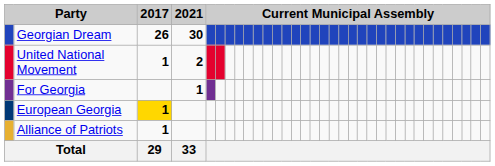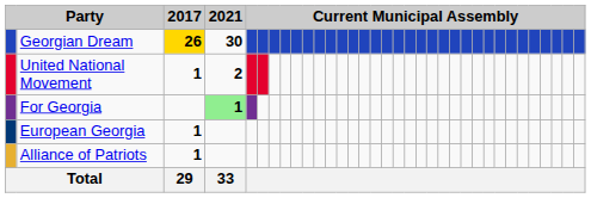 <table class="wikitable">
 <tr>
 <th style="background:#ccc" colspan="2">Party</th>
 <th style="background:#ccc">2017</th>
 <th style="background:#ccc">2021</th>
 <th style="background:#ccc" colspan="45">Current Municipal Assembly</th>
 </tr>
 <tr>
 <td style="background-color: #2044bc"> </td>
 <td><a href='#'>Georgian Dream</a></td>
-<td style="text-align: right"><strong>26</strong></td>
+<td style="background: gold; text-align: right"><strong>26</strong></td>
 <td style="text-align: right"><strong>30</strong></td>
 <td style="background-color: #2044bc"></td>
 <td style="background-color: #2044bc"> </td>
 <td style="background-color: #2044bc"> </td>
 <td style="background-color: #2044bc"> </td>
 <td style="background-color: #2044bc"> </td>
 <td style="background-color: #2044bc"> </td>
 <td style="background-color: #2044bc"> </td>
 <td style="background-color: #2044bc"> </td>
 <td style="background-color: #2044bc"> </td>
 <td style="background-color: #2044bc"> </td>
 <td style="background-color: #2044bc"> </td>
 <td style="background-color: #2044bc"> </td>
 <td style="background-color: #2044bc"> </td>
 <td style="background-color: #2044bc"> </td>
 <td style="background-color: #2044bc"> </td>
 <td style="background-color: #2044bc"> </td>
 <td style="background-color: #2044bc"> </td>
 <td style="background-color: #2044bc"> </td>
 <td style="background-color: #2044bc"> </td>
 <td style="background-color: #2044bc"> </td>
 <td style="background-color: #2044bc"> </td>
 <td style="background-color: #2044bc"> </td>
 <td style="background-color: #2044bc"> </td>
 <td style="background-color: #2044bc"> </td>
 <td style="background-color: #2044bc"> </td>
 <td style="background-color: #2044bc"> </td>
 <td style="background-color: #2044bc"> </td>
 <td style="background-color: #2044bc"> </td>
 <td style="background-color: #2044bc"> </td>
 <td style="background-color: #2044bc"> </td>
 </tr>
 <tr>
 <td style="background-color: #e4012e"> </td>
 <td><a href='#'>United National Movement</a></td>
 <td style="text-align: right"><strong>1</strong></td>
 <td style="text-align: right"><strong>2</strong></td>
 <td style="background-color: #e4012e"> </td>
 <td style="background-color: #e4012e"> </td>
 <td></td>
 <td></td>
 <td></td>
 <td></td>
 <td></td>
 <td></td>
 <td></td>
 <td></td>
 <td></td>
 <td></td>
 <td></td>
 <td></td>
 <td></td>
 <td></td>
 <td></td>
 <td></td>
 <td></td>
 <td></td>
 <td></td>
 <td></td>
 <td></td>
 <td></td>
 <td></td>
 <td></td>
 <td></td>
 <td></td>
 <td></td>
 <td></td>
 </tr>
 <tr>
 <td style="background-color: #702F92"> </td>
 <td><a href='#'>For Georgia</a></td>
 <td></td>
-<td style="text-align: right"><strong>1</strong></td>
+<td style="background: lightgreen; text-align: right"><strong>1</strong></td>
 <td style="background-color: #702f92"> </td>
 <td></td>
 <td></td>
 <td></td>
 <td></td>
 <td></td>
 <td></td>
 <td></td>
 <td></td>
 <td></td>
 <td></td>
 <td></td>
 <td></td>
 <td></td>
 <td></td>
 <td></td>
 <td></td>
 <td></td>
 <td></td>
 <td></td>
 <td></td>
 <td></td>
 <td></td>
 <td></td>
 <td></td>
 <td></td>
 <td></td>
 <td></td>
 <td></td>
 <td></td>
 </tr>
 <tr>
 <td style="background-color: #003876"> </td>
 <td><a href='#'>European Georgia</a></td>
-<td style="background: gold; text-align: right"><strong>1</strong></td>
+<td style="text-align: right"><strong>1</strong></td>
 <td></td>
 <td></td>
 <td></td>
 <td></td>
 <td></td>
 <td></td>
 <td></td>
 <td></td>
 <td></td>
 <td></td>
 <td></td>
 <td></td>
 <td></td>
 <td></td>
 <td></td>
 <td></td>
 <td></td>
 <td></td>
 <td></td>
 <td></td>
 <td></td>
 <td></td>
 <td></td>
 <td></td>
 <td></td>
 <td></td>
 <td></td>
 <td></td>
 <td></td>
 <td></td>
 <td></td>
 </tr>
 <tr>
 <td style="background-color: #e7b031"> </td>
 <td><a href='#'>Alliance of Patriots</a></td>
 <td style="text-align: right"><strong>1</strong></td>
 <td></td>
 <td></td>
 <td></td>
 <td></td>
 <td></td>
 <td></td>
 <td></td>
 <td></td>
 <td></td>
 <td></td>
 <td></td>
 <td></td>
 <td></td>
 <td></td>
 <td></td>
 <td></td>
 <td></td>
 <td></td>
 <td></td>
 <td></td>
 <td></td>
 <td></td>
 <td></td>
 <td></td>
 <td></td>
 <td></td>
 <td></td>
 <td></td>
 <td></td>
 <td></td>
 <td></td>
 </tr>
 <tr>
 <th colspan=2>Total</th>
 <th align=right>29</th>
 <th align=right>33</th>
 <th colspan=45> </th>
 </tr>
 </table>
